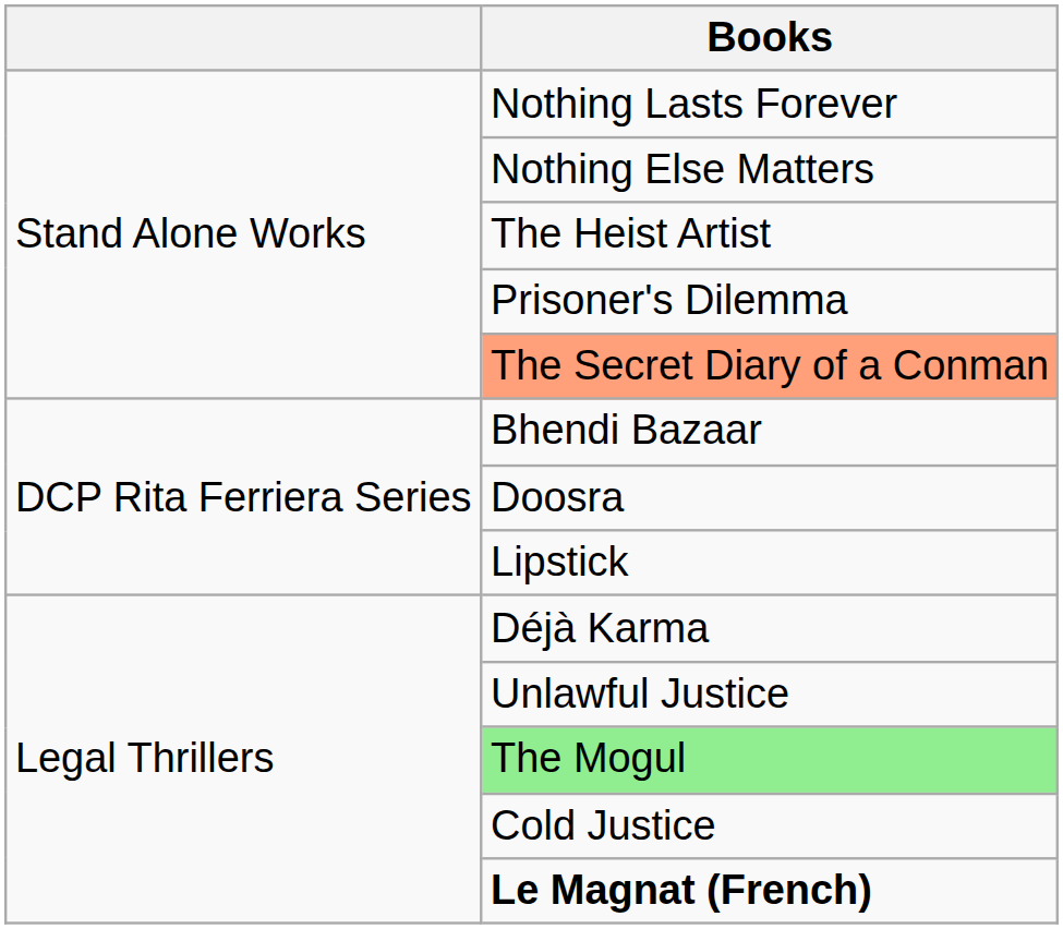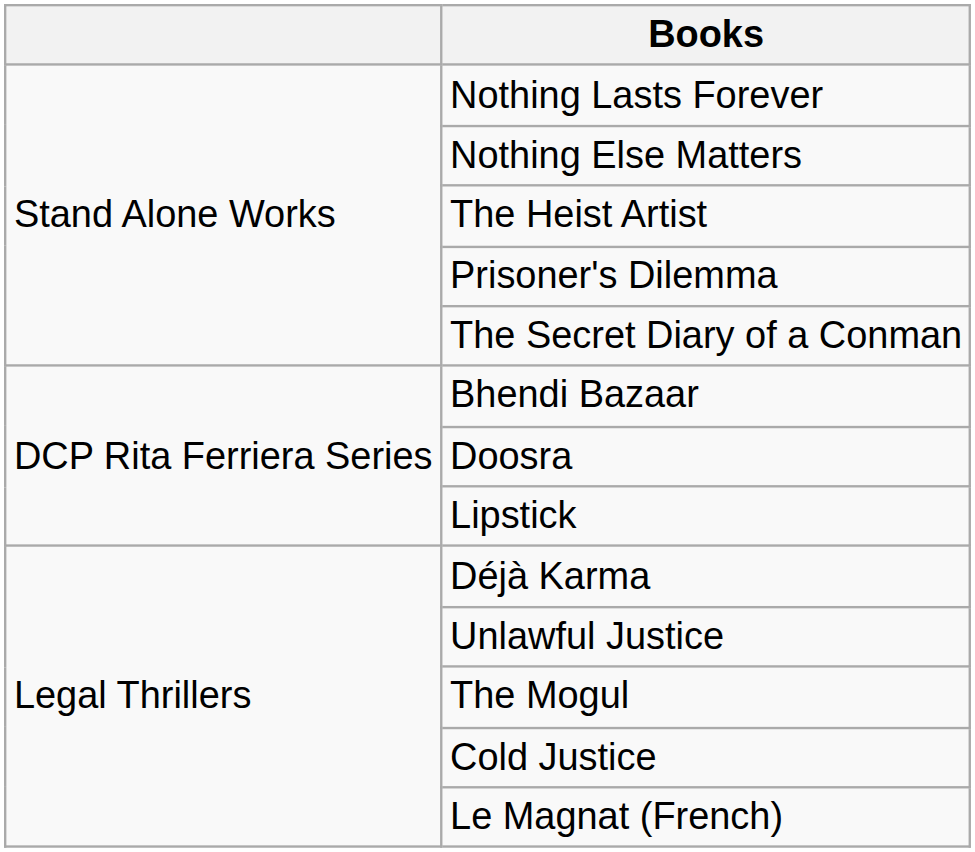 <table class="wikitable">
 <tr>
 <th></th>
 <th>Books</th>
 </tr>
 <tr>
 <td rowspan="5">Stand Alone Works</td>
 <td>Nothing Lasts Forever</td>
 </tr>
 <tr>
 <td>Nothing Else Matters</td>
 </tr>
 <tr>
 <td>The Heist Artist</td>
 </tr>
 <tr>
 <td>Prisoner's Dilemma</td>
 </tr>
 <tr>
-<td style="background: lightsalmon;">The Secret Diary of a Conman</td>
+<td>The Secret Diary of a Conman</td>
 </tr>
 <tr>
 <td rowspan="3">DCP Rita Ferriera Series</td>
 <td>Bhendi Bazaar</td>
 </tr>
 <tr>
 <td>Doosra</td>
 </tr>
 <tr>
 <td>Lipstick</td>
 </tr>
 <tr>
 <td rowspan="5">Legal Thrillers</td>
 <td>Déjà Karma</td>
 </tr>
 <tr>
 <td>Unlawful Justice</td>
 </tr>
 <tr>
-<td style="background: lightgreen;">The Mogul</td>
+<td>The Mogul</td>
 </tr>
 <tr>
 <td>Cold Justice</td>
 </tr>
 <tr>
-<td><strong>Le Magnat (French)</strong></td>
+<td>Le Magnat (French)</td>
 </tr>
 </table>
